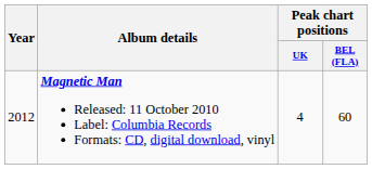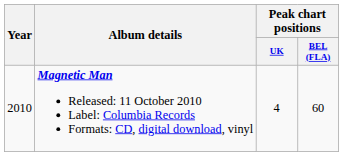 <table class="wikitable" style="text-align:center;">
 <tr>
 <th rowspan="2">Year</th>
 <th rowspan="2">Album details</th>
 <th colspan="2">Peak chart positions</th>
 </tr>
 <tr>
 <th style="width:4em;font-size:75%;"><a href='#'>UK</a></th>
 <th style="width:4em;font-size:75%;"><a href='#'>BEL (FLA)</a><br></th>
 </tr>
 <tr>
-<td>2012</td>
+<td>2010</td>
 <td align="left"><strong><em><a href='#'>Magnetic Man</a></em></strong><br><ul><li>Released: 11 October 2010</li><li>Label: <a href='#'>Columbia Records</a></li><li>Formats: <a href='#'>CD</a>, <a href='#'>digital download</a>, vinyl</li></ul></td>
 <td>4</td>
 <td>60</td>
 </tr>
 </table>
